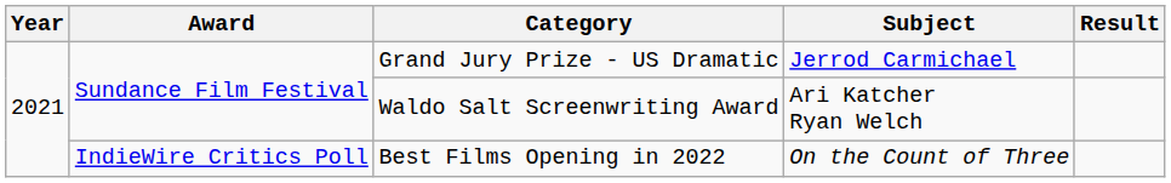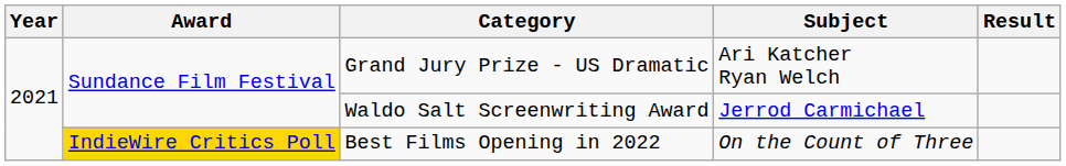 <table class="wikitable">
 <tr>
 <th>Year</th>
 <th>Award</th>
 <th>Category</th>
 <th>Subject</th>
 <th>Result</th>
 </tr>
 <tr>
 <td rowspan=3>2021</td>
 <td rowspan=2><a href='#'>Sundance Film Festival</a></td>
 <td>Grand Jury Prize - US Dramatic</td>
+<td>Ari Katcher<br>Ryan Welch</td>
+<td></td>
+</tr>
+<tr>
+<td>Waldo Salt Screenwriting Award</td>
 <td><a href='#'>Jerrod Carmichael</a></td>
 <td></td>
 </tr>
 <tr>
-<td>Waldo Salt Screenwriting Award</td>
-<td>Ari Katcher<br>Ryan Welch</td>
-<td></td>
-</tr>
-<tr>
-<td><a href='#'>IndieWire Critics Poll</a></td>
+<td style="background: gold;"><a href='#'>IndieWire Critics Poll</a></td>
 <td>Best Films Opening in 2022</td>
 <td><em>On the Count of Three</em></td>
 <td></td>
 </tr>
 </table>
